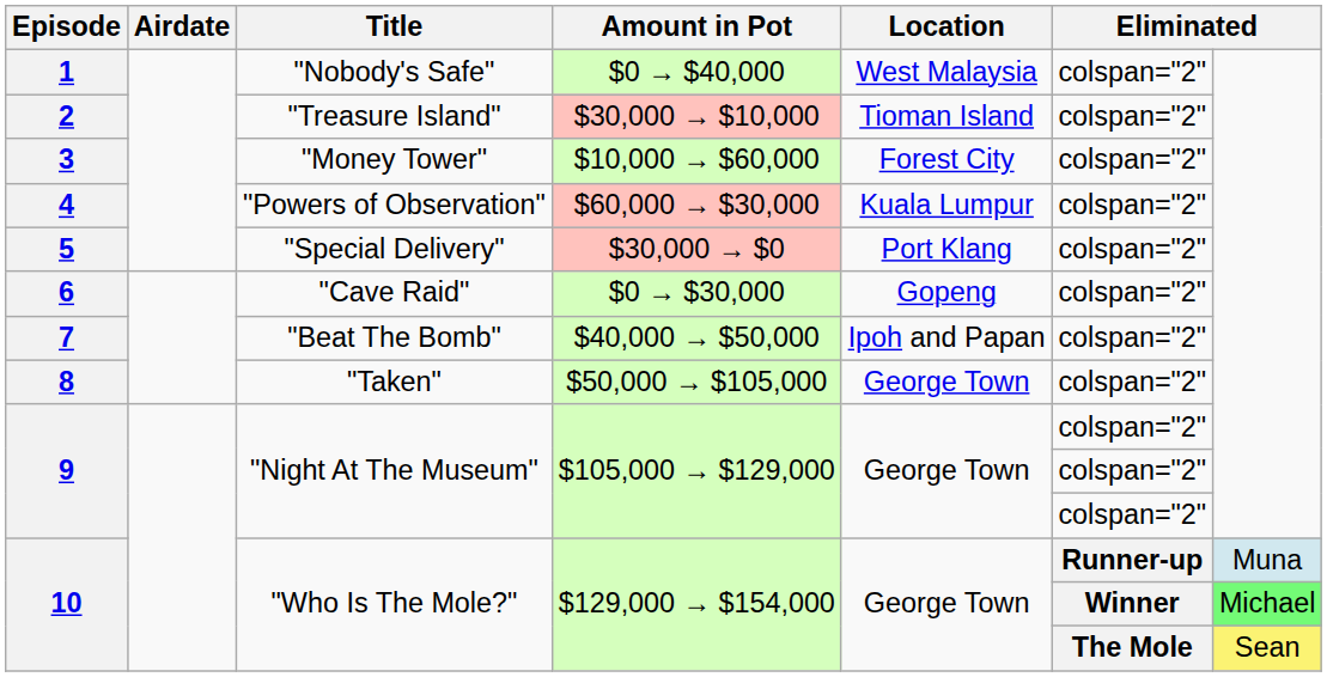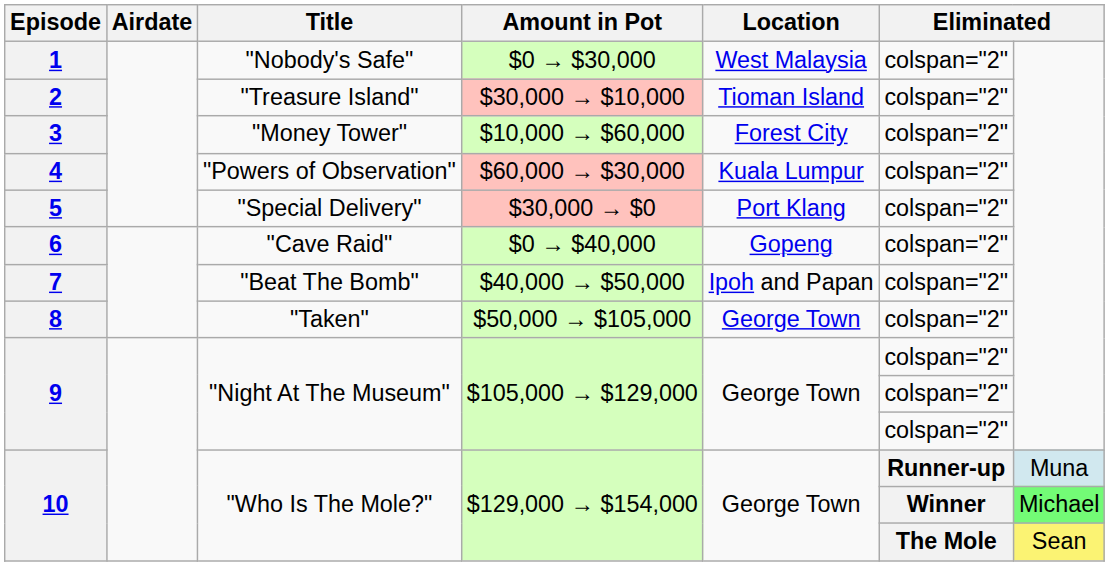 <table class="wikitable" style="text-align:center">
 <tr>
 <th scope="col">Episode</th>
 <th scope="col">Airdate</th>
 <th scope="col">Title</th>
 <th scope="col">Amount in Pot</th>
 <th scope="col">Location</th>
 <th scope="col" colspan=2>Eliminated</th>
 </tr>
 <tr>
 <th scope="row"><a href='#'>1</a></th>
 <td rowspan="5"></td>
 <td>"Nobody's Safe"</td>
-<td style="background:#D5FFBD">$0 → $40,000</td>
+<td style="background:#D5FFBD">$0 → $30,000</td>
 <td><a href='#'>West Malaysia</a></td>
 <td>colspan="2" </td>
 </tr>
 <tr>
 <th scope="row"><a href='#'>2</a></th>
 <td>"Treasure Island"</td>
 <td style="background:#FFC2BD">$30,000 → $10,000</td>
 <td><a href='#'>Tioman Island</a></td>
 <td>colspan="2" </td>
 </tr>
 <tr>
 <th scope="row"><a href='#'>3</a></th>
 <td>"Money Tower"</td>
 <td style="background:#D5FFBD">$10,000 → $60,000</td>
 <td><a href='#'>Forest City</a></td>
 <td>colspan="2" </td>
 </tr>
 <tr>
 <th scope="row"><a href='#'>4</a></th>
 <td>"Powers of Observation"</td>
 <td style="background:#FFC2BD">$60,000 → $30,000</td>
 <td><a href='#'>Kuala Lumpur</a></td>
 <td>colspan="2" </td>
 </tr>
 <tr>
 <th scope="row"><a href='#'>5</a></th>
 <td>"Special Delivery"</td>
 <td style="background:#FFC2BD">$30,000 → $0</td>
 <td><a href='#'>Port Klang</a></td>
 <td>colspan="2" </td>
 </tr>
 <tr>
 <th scope="row"><a href='#'>6</a></th>
 <td rowspan="3"></td>
 <td>"Cave Raid"</td>
-<td style="background:#D5FFBD">$0 → $30,000</td>
+<td style="background:#D5FFBD">$0 → $40,000</td>
 <td><a href='#'>Gopeng</a></td>
 <td>colspan="2" </td>
 </tr>
 <tr>
 <th scope="row"><a href='#'>7</a></th>
 <td>"Beat The Bomb"</td>
 <td style="background:#D5FFBD">$40,000 → $50,000</td>
 <td><a href='#'>Ipoh</a> and Papan</td>
 <td>colspan="2" </td>
 </tr>
 <tr>
 <th scope="row"><a href='#'>8</a></th>
 <td>"Taken"</td>
 <td style="background:#D5FFBD">$50,000 → $105,000</td>
 <td><a href='#'>George Town</a></td>
 <td>colspan="2" </td>
 </tr>
 <tr>
 <th scope="row" rowspan="3"><a href='#'>9</a></th>
 <td rowspan="6"></td>
 <td rowspan="3">"Night At The Museum"</td>
 <td style="background:#D5FFBD" rowspan="3">$105,000 → $129,000</td>
 <td rowspan="3">George Town</td>
 <td>colspan="2" </td>
 </tr>
 <tr>
 <td>colspan="2" </td>
 </tr>
 <tr>
 <td>colspan="2" </td>
 </tr>
 <tr>
 <th scope="row" rowspan="3"><a href='#'>10</a></th>
 <td rowspan="3">"Who Is The Mole?"</td>
 <td style="background:#D5FFBD" rowspan="3">$129,000 → $154,000</td>
 <td rowspan="3">George Town</td>
 <th>Runner-up</th>
 <td style="background:#D1E8EF">Muna</td>
 </tr>
 <tr>
 <th>Winner</th>
 <td style="background:#73FB76">Michael</td>
 </tr>
 <tr>
 <th>The Mole</th>
 <td style="background:#fbf373">Sean</td>
 </tr>
 </table>
